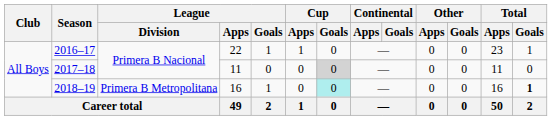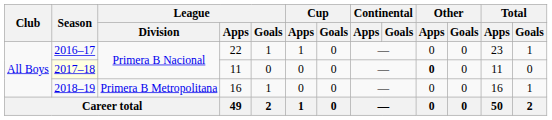 <table class="wikitable" style="text-align:center">
 <tr>
 <th rowspan="2">Club</th>
 <th rowspan="2">Season</th>
 <th colspan="3">League</th>
 <th colspan="2">Cup</th>
 <th colspan="2">Continental</th>
 <th colspan="2">Other</th>
 <th colspan="2">Total</th>
 </tr>
 <tr>
 <th>Division</th>
 <th>Apps</th>
 <th>Goals</th>
 <th>Apps</th>
 <th>Goals</th>
 <th>Apps</th>
 <th>Goals</th>
 <th>Apps</th>
 <th>Goals</th>
 <th>Apps</th>
 <th>Goals</th>
 </tr>
 <tr>
 <td rowspan="3"><a href='#'>All Boys</a></td>
 <td><a href='#'>2016–17</a></td>
 <td rowspan="2"><a href='#'>Primera B Nacional</a></td>
 <td>22</td>
 <td>1</td>
 <td>1</td>
 <td>0</td>
 <td colspan="2">—</td>
 <td>0</td>
 <td>0</td>
 <td>23</td>
 <td>1</td>
 </tr>
 <tr>
-<td><a href='#'>2017–18</a></td>
+<td style="background: lightyellow;"><a href='#'>2017–18</a></td>
 <td>11</td>
 <td>0</td>
 <td>0</td>
-<td style="background: lightgrey;">0</td>
+<td>0</td>
 <td colspan="2">—</td>
-<td>0</td>
+<td><strong>0</strong></td>
 <td>0</td>
 <td>11</td>
 <td>0</td>
 </tr>
 <tr>
 <td><a href='#'>2018–19</a></td>
 <td rowspan="1"><a href='#'>Primera B Metropolitana</a></td>
 <td>16</td>
 <td>1</td>
 <td>0</td>
-<td style="background: paleturquoise;">0</td>
+<td>0</td>
 <td colspan="2">—</td>
 <td>0</td>
 <td>0</td>
 <td>16</td>
-<td><strong>1</strong></td>
+<td>1</td>
 </tr>
 <tr>
 <th colspan="3">Career total</th>
 <th>49</th>
 <th>2</th>
 <th>1</th>
 <th>0</th>
 <th colspan="2">—</th>
 <th>0</th>
 <th>0</th>
 <th>50</th>
 <th>2</th>
 </tr>
 </table>
